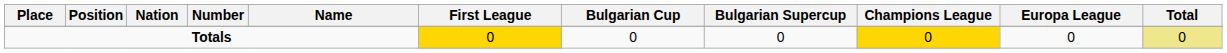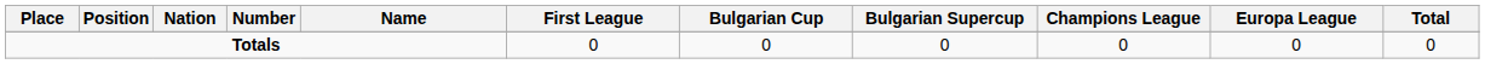 <table class="wikitable" style="font-size: 95%; text-align: center;">
 <tr>
 <th width=60>Place</th>
 <th width=60>Position</th>
 <th width=60>Nation</th>
 <th width=60>Number</th>
 <th width=180>Name</th>
 <th width=150>First League</th>
 <th width=150>Bulgarian Cup</th>
 <th width=160>Bulgarian Supercup</th>
 <th width=150>Champions League</th>
 <th width=150>Europa League</th>
 <th width=80>Total</th>
 </tr>
 <tr>
 </tr>
 <tr>
 <td colspan="5"><strong>Totals</strong></td>
-<td style="background: gold;">0</td>
 <td>0</td>
 <td>0</td>
-<td style="background: gold;">0</td>
 <td>0</td>
-<td style="background: khaki;">0</td>
+<td>0</td>
+<td>0</td>
+<td>0</td>
 </tr>
 </table>
